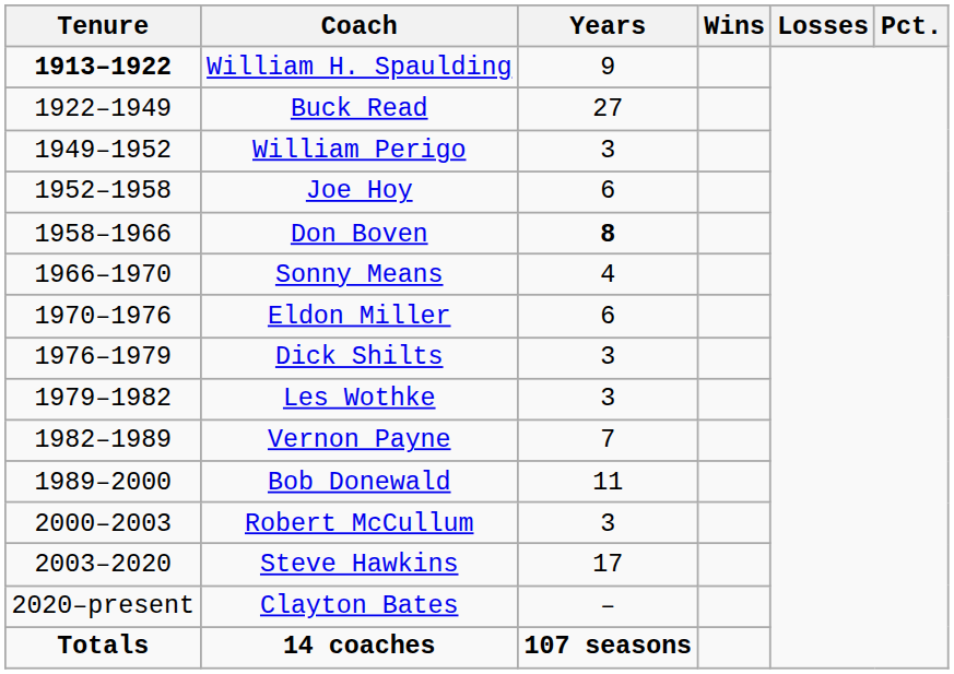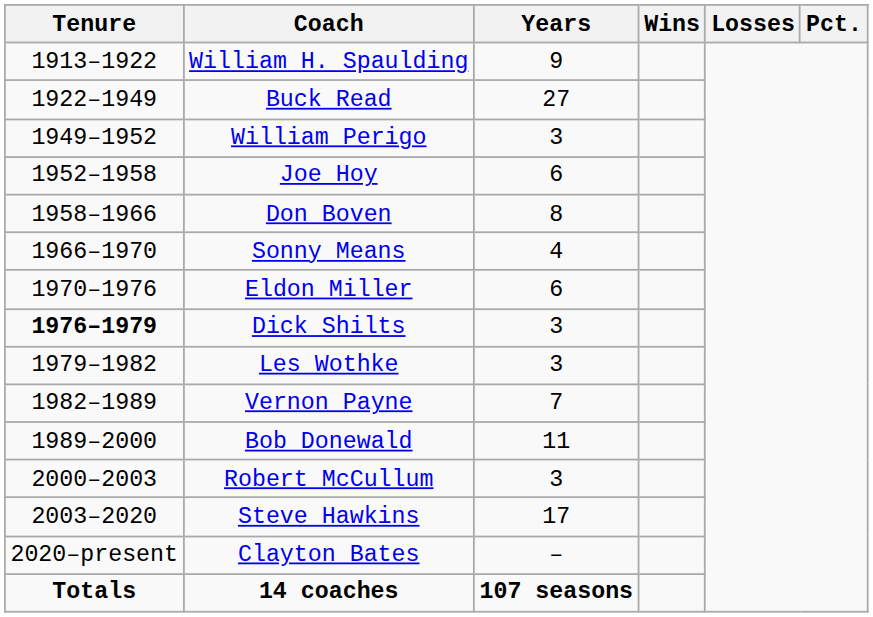 <table class="wikitable" style="text-align:center">
 <tr>
 <th>Tenure</th>
 <th>Coach</th>
 <th>Years</th>
 <th>Wins</th>
 <th>Losses</th>
 <th>Pct.</th>
 </tr>
 <tr>
-<td><strong>1913–1922</strong></td>
+<td>1913–1922</td>
 <td><a href='#'>William H. Spaulding</a></td>
 <td>9</td>
 <td></td>
 </tr>
 <tr>
 <td>1922–1949</td>
 <td><a href='#'>Buck Read</a></td>
 <td>27</td>
 <td></td>
 </tr>
 <tr>
 <td>1949–1952</td>
 <td><a href='#'>William Perigo</a></td>
 <td>3</td>
 <td></td>
 </tr>
 <tr>
 <td>1952–1958</td>
 <td><a href='#'>Joe Hoy</a></td>
 <td>6</td>
 <td></td>
 </tr>
 <tr>
 <td>1958–1966</td>
 <td><a href='#'>Don Boven</a></td>
-<td><strong>8</strong></td>
+<td>8</td>
 <td></td>
 </tr>
 <tr>
 <td>1966–1970</td>
 <td><a href='#'>Sonny Means</a></td>
 <td>4</td>
 <td></td>
 </tr>
 <tr>
 <td>1970–1976</td>
 <td><a href='#'>Eldon Miller</a></td>
 <td>6</td>
 <td></td>
 </tr>
 <tr>
-<td>1976–1979</td>
+<td><strong>1976–1979</strong></td>
 <td><a href='#'>Dick Shilts</a></td>
 <td>3</td>
 <td></td>
 </tr>
 <tr>
 <td>1979–1982</td>
 <td><a href='#'>Les Wothke</a></td>
 <td>3</td>
 <td></td>
 </tr>
 <tr>
 <td>1982–1989</td>
 <td><a href='#'>Vernon Payne</a></td>
 <td>7</td>
 <td></td>
 </tr>
 <tr>
 <td>1989–2000</td>
 <td><a href='#'>Bob Donewald</a></td>
 <td>11</td>
 <td></td>
 </tr>
 <tr>
 <td>2000–2003</td>
 <td><a href='#'>Robert McCullum</a></td>
 <td>3</td>
 <td></td>
 </tr>
 <tr>
 <td>2003–2020</td>
 <td><a href='#'>Steve Hawkins</a></td>
 <td>17</td>
 <td></td>
 </tr>
 <tr>
 <td>2020–present</td>
 <td><a href='#'>Clayton Bates</a></td>
 <td>–</td>
 <td></td>
 </tr>
 <tr style="font-weight:bold; ">
 <td>Totals</td>
 <td>14 coaches</td>
 <td>107 seasons</td>
 <td></td>
 </tr>
 </table>
